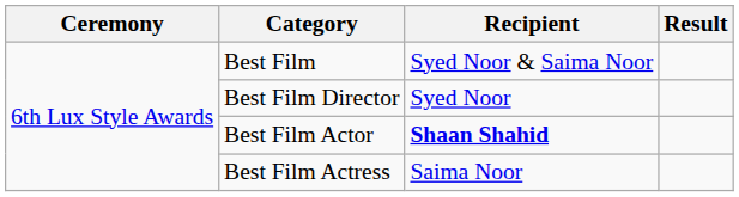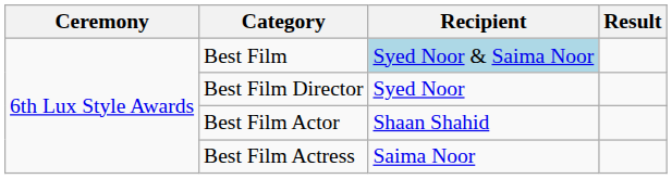 <table class="wikitable style">
 <tr>
 <th>Ceremony</th>
 <th>Category</th>
 <th>Recipient</th>
 <th>Result</th>
 </tr>
 <tr>
 <td rowspan="4"><a href='#'>6th Lux Style Awards</a></td>
 <td>Best Film</td>
-<td><a href='#'>Syed Noor</a> & <a href='#'>Saima Noor</a></td>
+<td style="background: lightblue;"><a href='#'>Syed Noor</a> & <a href='#'>Saima Noor</a></td>
 <td></td>
 </tr>
 <tr>
 <td>Best Film Director</td>
 <td><a href='#'>Syed Noor</a></td>
 <td></td>
 </tr>
 <tr>
 <td>Best Film Actor</td>
-<td><strong><a href='#'>Shaan Shahid</a></strong></td>
+<td><a href='#'>Shaan Shahid</a></td>
 <td></td>
 </tr>
 <tr>
 <td>Best Film Actress</td>
 <td><a href='#'>Saima Noor</a></td>
 <td></td>
 </tr>
 </table>
